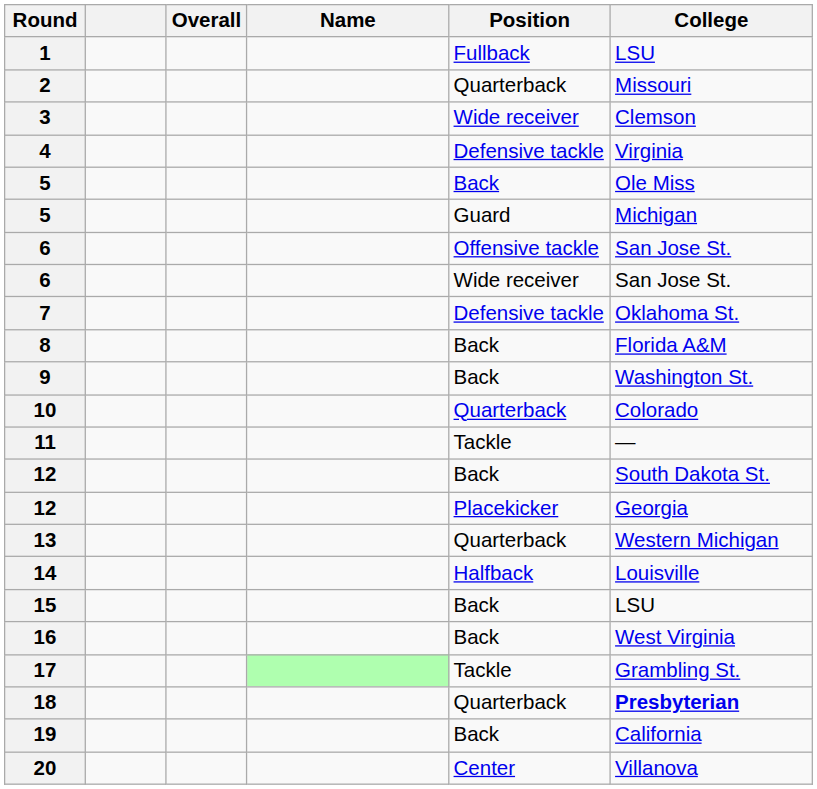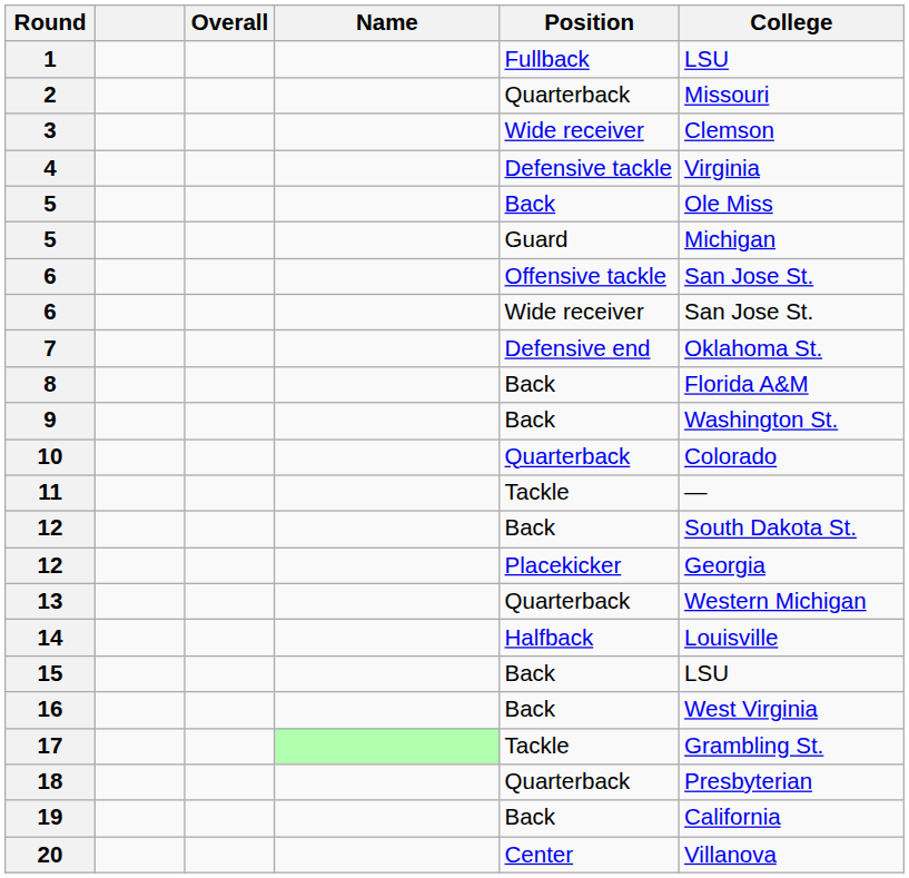 <table class="wikitable sortable" style="width: 50%;">
 <tr>
 <th scope="col" style="width: 10%;">Round</th>
 <th scope="col" style="width: 10%;"></th>
 <th scope="col" style="width: 10%;">Overall</th>
 <th scope="col" style="width: 25%;">Name</th>
 <th scope="col" style="width: 20%;">Position</th>
 <th scope="col" style="width: 25%;">College</th>
 </tr>
 <tr>
 <th scope="row">1</th>
 <td></td>
 <td></td>
 <td></td>
 <td><a href='#'>Fullback</a></td>
 <td><a href='#'>LSU</a></td>
 </tr>
 <tr>
 <th scope="row">2</th>
 <td></td>
 <td></td>
 <td></td>
 <td>Quarterback</td>
 <td><a href='#'>Missouri</a></td>
 </tr>
 <tr>
 <th scope="row">3</th>
 <td></td>
 <td></td>
 <td></td>
 <td><a href='#'>Wide receiver</a></td>
 <td><a href='#'>Clemson</a></td>
 </tr>
 <tr>
 <th scope="row">4</th>
 <td></td>
 <td></td>
 <td></td>
 <td><a href='#'>Defensive tackle</a></td>
 <td><a href='#'>Virginia</a></td>
 </tr>
 <tr>
 <th scope="row">5</th>
 <td></td>
 <td></td>
 <td></td>
 <td><a href='#'>Back</a></td>
 <td><a href='#'>Ole Miss</a></td>
 </tr>
 <tr>
 <th scope="row">5</th>
 <td></td>
 <td></td>
 <td></td>
 <td>Guard</td>
 <td><a href='#'>Michigan</a></td>
 </tr>
 <tr>
 <th scope="row">6</th>
 <td></td>
 <td></td>
 <td></td>
 <td><a href='#'>Offensive tackle</a></td>
 <td><a href='#'>San Jose St.</a></td>
 </tr>
 <tr>
 <th scope="row">6</th>
 <td></td>
 <td></td>
 <td></td>
 <td>Wide receiver</td>
 <td>San Jose St.</td>
 </tr>
 <tr>
 <th scope="row">7</th>
 <td></td>
 <td></td>
 <td></td>
-<td><a href='#'>Defensive tackle</a></td>
+<td><a href='#'>Defensive end</a></td>
 <td><a href='#'>Oklahoma St.</a></td>
 </tr>
 <tr>
 <th scope="row">8</th>
 <td></td>
 <td></td>
 <td></td>
 <td>Back</td>
 <td><a href='#'>Florida A&M</a></td>
 </tr>
 <tr>
 <th scope="row">9</th>
 <td></td>
 <td></td>
 <td></td>
 <td>Back</td>
 <td><a href='#'>Washington St.</a></td>
 </tr>
 <tr>
 <th scope="row">10</th>
 <td></td>
 <td></td>
 <td></td>
 <td><a href='#'>Quarterback</a></td>
 <td><a href='#'>Colorado</a></td>
 </tr>
 <tr>
 <th scope="row">11</th>
 <td></td>
 <td></td>
 <td></td>
 <td>Tackle</td>
 <td>—</td>
 </tr>
 <tr>
 <th scope="row">12</th>
 <td></td>
 <td></td>
 <td></td>
 <td>Back</td>
 <td><a href='#'>South Dakota St.</a></td>
 </tr>
 <tr>
 <th scope="row">12</th>
 <td></td>
 <td></td>
 <td></td>
 <td><a href='#'>Placekicker</a></td>
 <td><a href='#'>Georgia</a></td>
 </tr>
 <tr>
 <th scope="row">13</th>
 <td></td>
 <td></td>
 <td></td>
 <td>Quarterback</td>
 <td><a href='#'>Western Michigan</a></td>
 </tr>
 <tr>
 <th scope="row">14</th>
 <td></td>
 <td></td>
 <td></td>
 <td><a href='#'>Halfback</a></td>
 <td><a href='#'>Louisville</a></td>
 </tr>
 <tr>
 <th scope="row">15</th>
 <td></td>
 <td></td>
 <td></td>
 <td>Back</td>
 <td>LSU</td>
 </tr>
 <tr>
 <th scope="row">16</th>
 <td></td>
 <td></td>
 <td></td>
 <td>Back</td>
 <td><a href='#'>West Virginia</a></td>
 </tr>
 <tr>
 <th scope="row">17</th>
 <td></td>
 <td></td>
 <td style="background:#AFFFAF;"> </td>
 <td>Tackle</td>
 <td><a href='#'>Grambling St.</a></td>
 </tr>
 <tr>
 <th scope="row">18</th>
 <td></td>
 <td></td>
 <td></td>
 <td>Quarterback</td>
-<td><strong><a href='#'>Presbyterian</a></strong></td>
+<td><a href='#'>Presbyterian</a></td>
 </tr>
 <tr>
 <th scope="row">19</th>
 <td></td>
 <td></td>
 <td></td>
 <td>Back</td>
 <td><a href='#'>California</a></td>
 </tr>
 <tr>
 <th scope="row">20</th>
 <td></td>
 <td></td>
 <td></td>
 <td><a href='#'>Center</a></td>
 <td><a href='#'>Villanova</a></td>
 </tr>
 </table>
